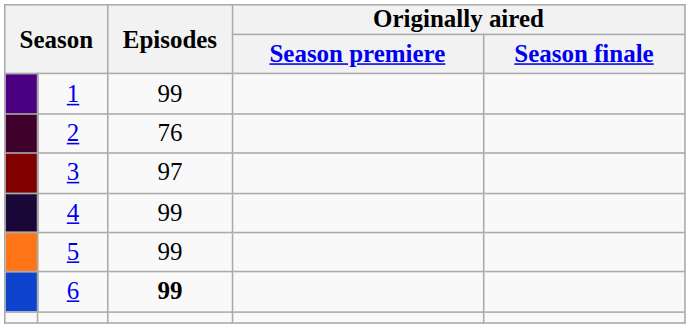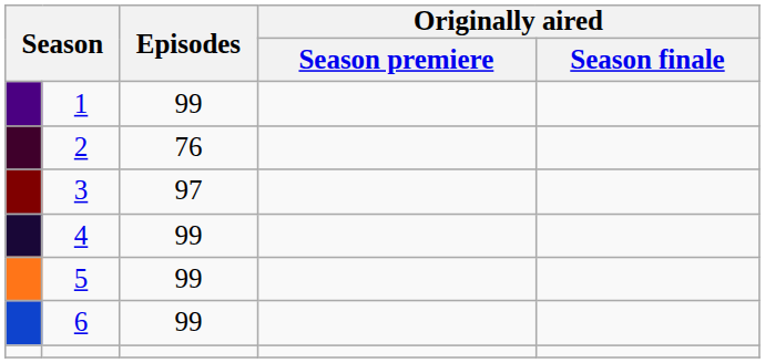 <table class="wikitable plainrowheaders" style="text-align:center;">
 <tr>
 <th scope="col" style="padding:0 9px;" rowspan="2" colspan="2">Season</th>
 <th scope="col" style="padding:0 9px;" rowspan="2">Episodes</th>
 <th scope="col" style="padding:0 90px;" colspan="2">Originally aired</th>
 </tr>
 <tr>
 <th scope="col"><a href='#'>Season premiere</a></th>
 <th scope="col"><a href='#'>Season finale</a></th>
 </tr>
 <tr>
 <td scope="row" style="background:#4B0082; color:#100;"></td>
 <td><a href='#'>1</a></td>
 <td>99</td>
 <td></td>
 <td></td>
 </tr>
 <tr>
 <td scope="row" style="background:#3f002b; color:#100;"></td>
 <td><a href='#'>2</a></td>
 <td>76</td>
 <td></td>
 <td> </td>
 </tr>
 <tr>
 <td scope="row" style="background:#800000; color:#100;"></td>
 <td><a href='#'>3</a></td>
 <td>97</td>
 <td></td>
 <td></td>
 </tr>
 <tr>
 <td scope="row" style="background:#190737; color:#100;"></td>
 <td><a href='#'>4</a></td>
 <td>99</td>
 <td></td>
 <td></td>
 </tr>
 <tr>
 <td scope="row" style="background:#FF7518; color:#100;"></td>
 <td><a href='#'>5</a></td>
 <td>99</td>
 <td></td>
 <td></td>
 </tr>
 <tr>
 <td scope="row" style="background:#0E43CD;color:#100;"></td>
 <td><a href='#'>6</a></td>
-<td><strong>99</strong></td>
+<td>99</td>
 <td></td>
 <td></td>
 </tr>
 <tr>
 <td></td>
 <td></td>
 <td></td>
 <td></td>
 <td></td>
 </tr>
 </table>
